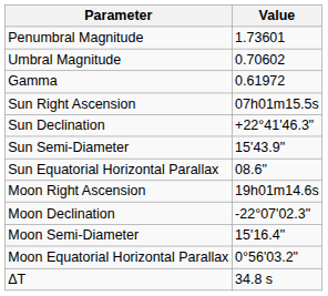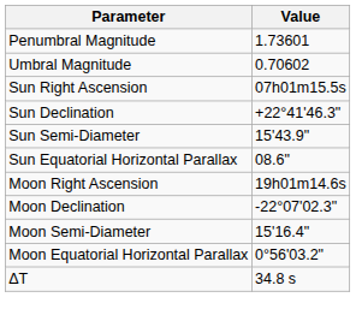 <table class="wikitable">
 <tr>
 <th>Parameter</th>
 <th>Value</th>
 </tr>
 <tr>
 <td>Penumbral Magnitude</td>
 <td>1.73601</td>
 </tr>
 <tr>
 <td>Umbral Magnitude</td>
 <td>0.70602</td>
-</tr>
-<tr>
-<td>Gamma</td>
-<td>0.61972</td>
 </tr>
 <tr>
 <td>Sun Right Ascension</td>
 <td>07h01m15.5s</td>
 </tr>
 <tr>
 <td>Sun Declination</td>
 <td>+22°41'46.3"</td>
 </tr>
 <tr>
 <td>Sun Semi-Diameter</td>
 <td>15'43.9"</td>
 </tr>
 <tr>
 <td>Sun Equatorial Horizontal Parallax</td>
 <td>08.6"</td>
 </tr>
 <tr>
 <td>Moon Right Ascension</td>
 <td>19h01m14.6s</td>
 </tr>
 <tr>
 <td>Moon Declination</td>
 <td>-22°07'02.3"</td>
 </tr>
 <tr>
 <td>Moon Semi-Diameter</td>
 <td>15'16.4"</td>
 </tr>
 <tr>
 <td>Moon Equatorial Horizontal Parallax</td>
 <td>0°56'03.2"</td>
 </tr>
 <tr>
 <td>ΔT</td>
 <td>34.8 s</td>
 </tr>
 </table>
